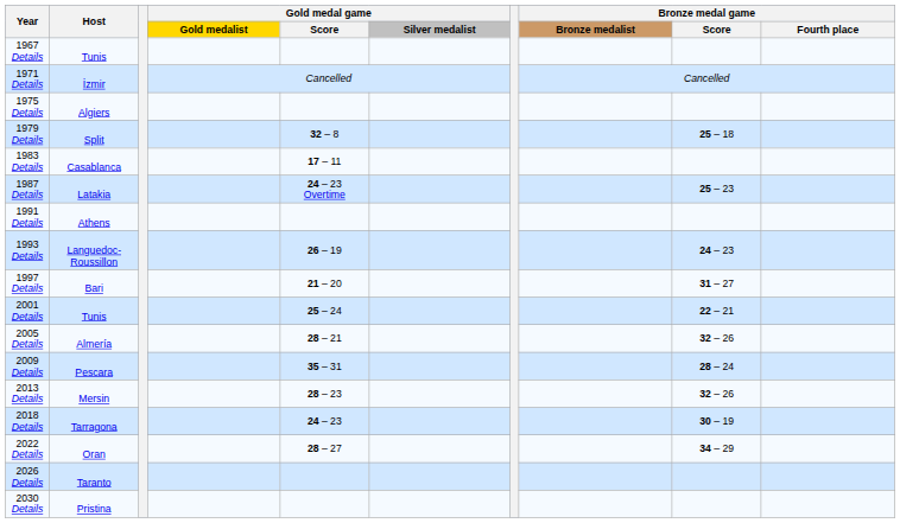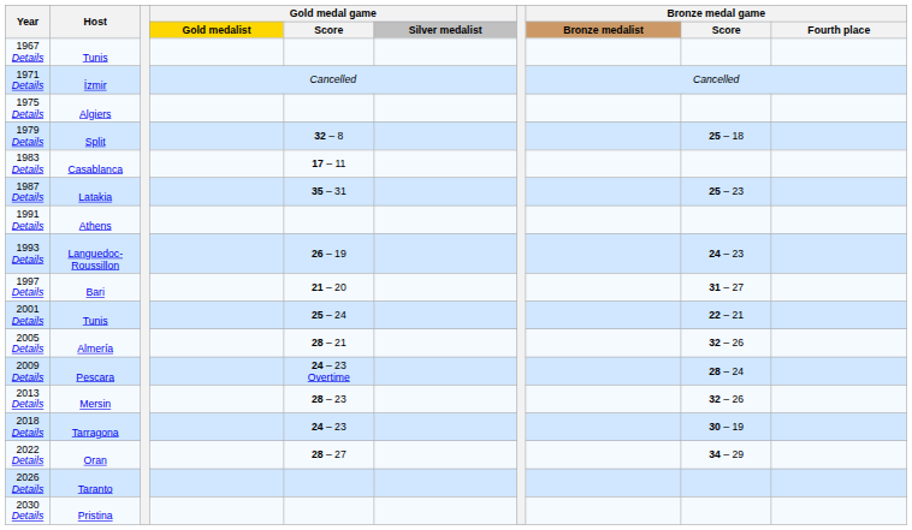 <table class=wikitable style="text-align:center; font-size:90%;">
 <tr bgcolor=#C1D8FF>
 <th rowspan=2 width=5%>Year</th>
 <th rowspan=2 width=10%>Host</th>
 <th width=1% rowspan=19 bgcolor=ffffff></th>
 <th colspan=3>Gold medal game</th>
 <th width=1% rowspan=19 bgcolor=ffffff></th>
 <th colspan=3>Bronze medal game</th>
 </tr>
 <tr bgcolor=#EFEFEF>
 <th style="background:gold; width=15%"> Gold medalist</th>
 <th width=10%>Score</th>
 <th style="background:silver; width=15%"> Silver medalist</th>
 <th style="background:#cc9966; width=15%"> Bronze medalist</th>
 <th width=10%>Score</th>
 <th width=15%>Fourth place</th>
 </tr>
 <tr bgcolor=#F5FAFF>
 <td>1967<br><em><a href='#'>Details</a></em></td>
 <td> <br><a href='#'>Tunis</a></td>
 <td><strong></strong></td>
 <td></td>
 <td></td>
 <td></td>
 <td></td>
 <td></td>
 </tr>
 <tr bgcolor=#D0E7FF>
 <td>1971<br><em><a href='#'>Details</a></em></td>
 <td> <br><a href='#'>İzmir</a></td>
 <td colspan=3><em>Cancelled</em></td>
 <td colspan=3><em>Cancelled</em></td>
 </tr>
 <tr bgcolor=#F5FAFF>
 <td>1975<br><em><a href='#'>Details</a></em></td>
 <td> <br><a href='#'>Algiers</a></td>
 <td><strong></strong></td>
 <td></td>
 <td></td>
 <td></td>
 <td></td>
 <td></td>
 </tr>
 <tr bgcolor=#D0E7FF>
 <td>1979<br><em><a href='#'>Details</a></em></td>
 <td> <br><a href='#'>Split</a></td>
 <td><strong></strong></td>
 <td><strong>32</strong> – 8</td>
 <td></td>
 <td></td>
 <td><strong>25</strong> – 18</td>
 <td></td>
 </tr>
 <tr bgcolor=#F5FAFF>
 <td>1983<br><em><a href='#'>Details</a></em></td>
 <td> <br><a href='#'>Casablanca</a></td>
 <td><strong></strong></td>
 <td><strong>17</strong> – 11</td>
 <td></td>
 <td></td>
 <td></td>
 <td></td>
 </tr>
 <tr bgcolor=#D0E7FF>
 <td>1987<br><em><a href='#'>Details</a></em></td>
 <td> <br><a href='#'>Latakia</a></td>
 <td><strong></strong></td>
-<td><strong>24</strong> – 23  <br> <a href='#'>Overtime</a></td>
+<td><strong>35</strong> – 31</td>
 <td></td>
 <td></td>
 <td><strong>25</strong> – 23</td>
 <td></td>
 </tr>
 <tr bgcolor=#F5FAFF>
 <td>1991<br><em><a href='#'>Details</a></em></td>
 <td> <br><a href='#'>Athens</a></td>
 <td><strong></strong></td>
 <td></td>
 <td></td>
 <td></td>
 <td></td>
 <td></td>
 </tr>
 <tr bgcolor=#D0E7FF>
 <td>1993<br><em><a href='#'>Details</a></em></td>
 <td> <br><a href='#'>Languedoc-Roussillon</a></td>
 <td><strong></strong></td>
 <td><strong>26</strong> – 19</td>
 <td></td>
 <td></td>
 <td><strong>24</strong> – 23</td>
 <td></td>
 </tr>
 <tr bgcolor=#F5FAFF>
 <td>1997<br><em><a href='#'>Details</a></em></td>
 <td> <br><a href='#'>Bari</a></td>
 <td><strong></strong></td>
 <td><strong>21</strong> – 20</td>
 <td></td>
 <td></td>
 <td><strong>31</strong> – 27</td>
 <td></td>
 </tr>
 <tr bgcolor=#D0E7FF>
 <td>2001<br><em><a href='#'>Details</a></em></td>
 <td> <br><a href='#'>Tunis</a></td>
 <td><strong></strong></td>
 <td><strong>25</strong> – 24</td>
 <td></td>
 <td></td>
 <td><strong>22</strong> – 21</td>
 <td></td>
 </tr>
 <tr bgcolor=#F5FAFF>
 <td>2005<br><em><a href='#'>Details</a></em></td>
 <td> <br><a href='#'>Almería</a></td>
 <td><strong></strong></td>
 <td><strong>28</strong> – 21</td>
 <td></td>
 <td></td>
 <td><strong>32</strong> – 26</td>
 <td></td>
 </tr>
 <tr bgcolor=#D0E7FF>
 <td>2009<br><em><a href='#'>Details</a></em></td>
 <td> <br><a href='#'>Pescara</a></td>
 <td><strong></strong></td>
-<td><strong>35</strong> – 31</td>
+<td><strong>24</strong> – 23  <br> <a href='#'>Overtime</a></td>
 <td></td>
 <td></td>
 <td><strong>28</strong> – 24</td>
 <td></td>
 </tr>
 <tr bgcolor=#F5FAFF>
 <td>2013<br><em><a href='#'>Details</a></em></td>
 <td> <br><a href='#'>Mersin</a></td>
 <td><strong></strong></td>
 <td><strong>28</strong> – 23</td>
 <td></td>
 <td></td>
 <td><strong>32</strong> – 26</td>
 <td></td>
 </tr>
 <tr bgcolor=#D0E7FF>
 <td>2018<br><em><a href='#'>Details</a></em></td>
 <td> <br><a href='#'>Tarragona</a></td>
 <td><strong></strong></td>
 <td><strong>24</strong> – 23</td>
 <td></td>
 <td></td>
 <td><strong>30</strong> – 19</td>
 <td></td>
 </tr>
 <tr bgcolor=#F5FAFF>
 <td>2022<br><em><a href='#'>Details</a></em></td>
 <td> <br><a href='#'>Oran</a></td>
 <td><strong></strong></td>
 <td><strong>28</strong> – 27</td>
 <td><strong></strong></td>
 <td></td>
 <td><strong>34</strong> – 29</td>
 <td></td>
 </tr>
 <tr bgcolor=#D0E7FF>
 <td>2026<br><em><a href='#'>Details</a></em></td>
 <td> <br><a href='#'>Taranto</a></td>
 <td></td>
 <td></td>
 <td></td>
 <td></td>
 <td></td>
 <td></td>
 </tr>
 <tr bgcolor=#F5FAFF>
 <td>2030<br><em><a href='#'>Details</a></em></td>
 <td> <br><a href='#'>Pristina</a></td>
 <td></td>
 <td></td>
 <td></td>
 <td></td>
 <td></td>
 <td></td>
 </tr>
 </table>
